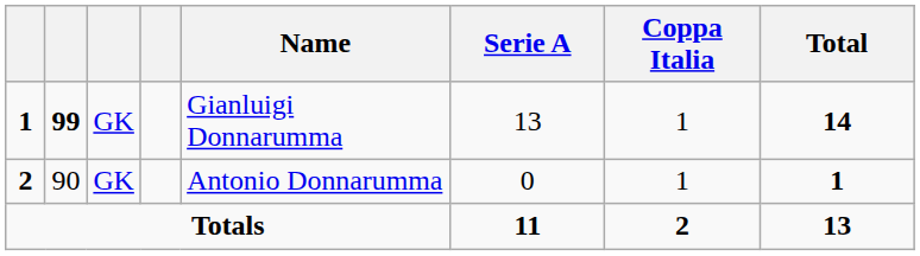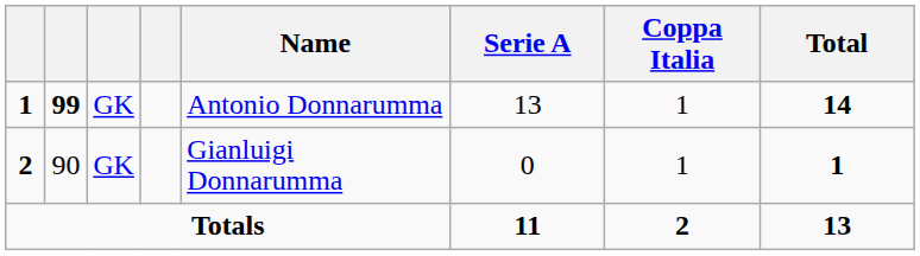 <table class="wikitable" style="text-align:center">
 <tr>
 <th width=15></th>
 <th width=15></th>
 <th width=15></th>
 <th width=15></th>
 <th width=145>Name</th>
 <th width=80><a href='#'>Serie A</a></th>
 <th width=80><a href='#'>Coppa Italia</a></th>
 <th width=80>Total</th>
 </tr>
 <tr>
 <td><strong>1</strong></td>
 <td><strong>99</strong></td>
 <td><a href='#'>GK</a></td>
 <td></td>
-<td align=left><a href='#'>Gianluigi Donnarumma</a></td>
+<td align=left><a href='#'>Antonio Donnarumma</a></td>
 <td>13</td>
 <td>1</td>
 <td><strong>14</strong></td>
 </tr>
 <tr>
 <td><strong>2</strong></td>
 <td>90</td>
 <td><a href='#'>GK</a></td>
 <td></td>
-<td align=left><a href='#'>Antonio Donnarumma</a></td>
+<td align=left><a href='#'>Gianluigi Donnarumma</a></td>
 <td>0</td>
 <td>1</td>
 <td><strong>1</strong></td>
 </tr>
 <tr>
 <td colspan=5><strong>Totals</strong></td>
 <td><strong>11</strong></td>
 <td><strong>2</strong></td>
 <td><strong>13</strong></td>
 </tr>
 </table>
